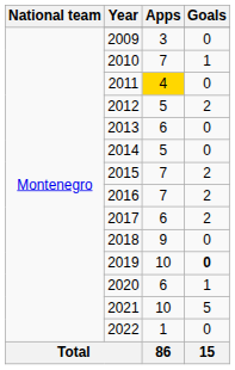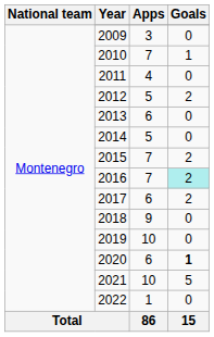 <table class="wikitable" style="text-align:center">
 <tr>
 <th>National team</th>
 <th>Year</th>
 <th>Apps</th>
 <th>Goals</th>
 </tr>
 <tr>
 <td rowspan=15><a href='#'>Montenegro</a></td>
 </tr>
 <tr>
 <td>2009</td>
 <td>3</td>
 <td>0</td>
 </tr>
 <tr>
 <td>2010</td>
 <td>7</td>
 <td>1</td>
 </tr>
 <tr>
 <td>2011</td>
-<td style="background: gold;">4</td>
+<td>4</td>
 <td>0</td>
 </tr>
 <tr>
 <td>2012</td>
 <td>5</td>
 <td>2</td>
 </tr>
 <tr>
 <td>2013</td>
 <td>6</td>
 <td>0</td>
 </tr>
 <tr>
 <td>2014</td>
 <td>5</td>
 <td>0</td>
 </tr>
 <tr>
 <td>2015</td>
 <td>7</td>
 <td>2</td>
 </tr>
 <tr>
 <td>2016</td>
 <td>7</td>
-<td>2</td>
+<td style="background: paleturquoise;">2</td>
 </tr>
 <tr>
 <td>2017</td>
 <td>6</td>
 <td>2</td>
 </tr>
 <tr>
 <td>2018</td>
 <td>9</td>
 <td>0</td>
 </tr>
 <tr>
 <td>2019</td>
 <td>10</td>
-<td><strong>0</strong></td>
+<td>0</td>
 </tr>
 <tr>
 <td>2020</td>
 <td>6</td>
-<td>1</td>
+<td><strong>1</strong></td>
 </tr>
 <tr>
 <td>2021</td>
 <td>10</td>
 <td>5</td>
 </tr>
 <tr>
 <td>2022</td>
 <td>1</td>
 <td>0</td>
 </tr>
 <tr>
 <th colspan=2>Total</th>
 <th>86</th>
 <th>15</th>
 </tr>
 </table>
